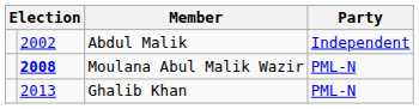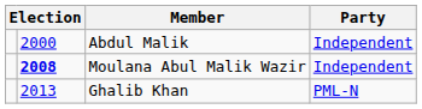 <table class="wikitable">
 <tr>
 <th colspan="2">Election</th>
 <th>Member</th>
 <th>Party</th>
 </tr>
 <tr>
 <td style="background-color: "></td>
-<td><a href='#'>2002</a></td>
+<td><a href='#'>2000</a></td>
 <td>Abdul Malik</td>
 <td><a href='#'>Independent</a></td>
 </tr>
 <tr>
 <td style="background-color: "></td>
 <td><strong><a href='#'>2008</a></strong></td>
 <td>Moulana Abul Malik Wazir</td>
-<td><a href='#'>PML-N</a></td>
+<td><a href='#'>Independent</a></td>
 </tr>
 <tr>
 <td style="background-color: "></td>
 <td><a href='#'>2013</a></td>
 <td>Ghalib Khan</td>
 <td><a href='#'>PML-N</a></td>
 </tr>
 </table>
